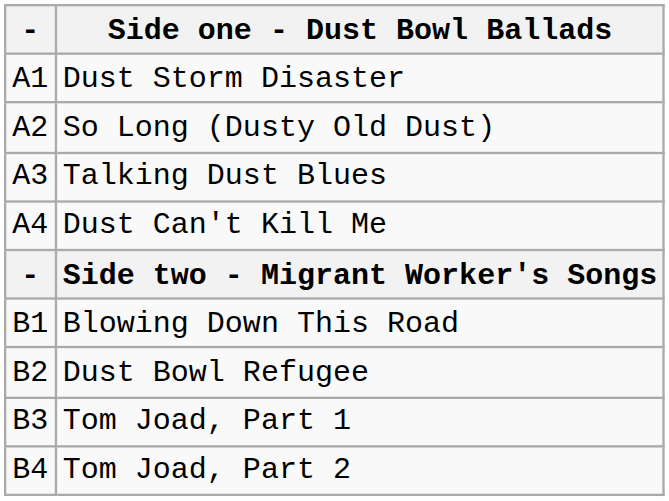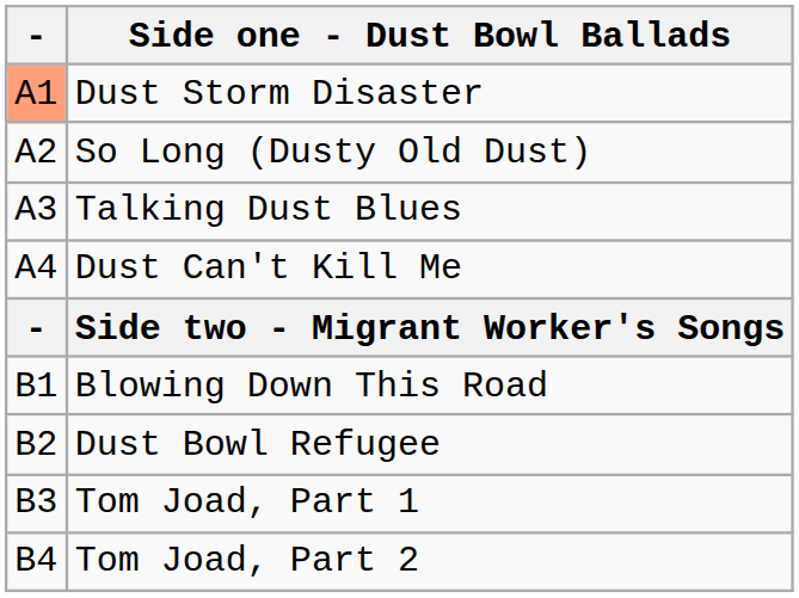 <table class="wikitable">
 <tr>
 <th>-</th>
 <th>Side one - Dust Bowl Ballads</th>
 </tr>
 <tr>
-<td>A1</td>
+<td style="background: lightsalmon;">A1</td>
 <td>Dust Storm Disaster</td>
 </tr>
 <tr>
 <td>A2</td>
 <td>So Long (Dusty Old Dust)</td>
 </tr>
 <tr>
 <td>A3</td>
 <td>Talking Dust Blues</td>
 </tr>
 <tr>
 <td>A4</td>
 <td>Dust Can't Kill Me</td>
 </tr>
 <tr>
 <th>-</th>
 <th>Side two - Migrant Worker's Songs</th>
 </tr>
 <tr>
 <td>B1</td>
 <td>Blowing Down This Road</td>
 </tr>
 <tr>
 <td>B2</td>
 <td>Dust Bowl Refugee</td>
 </tr>
 <tr>
 <td>B3</td>
 <td>Tom Joad, Part 1</td>
 </tr>
 <tr>
 <td>B4</td>
 <td>Tom Joad, Part 2</td>
 </tr>
 </table>
